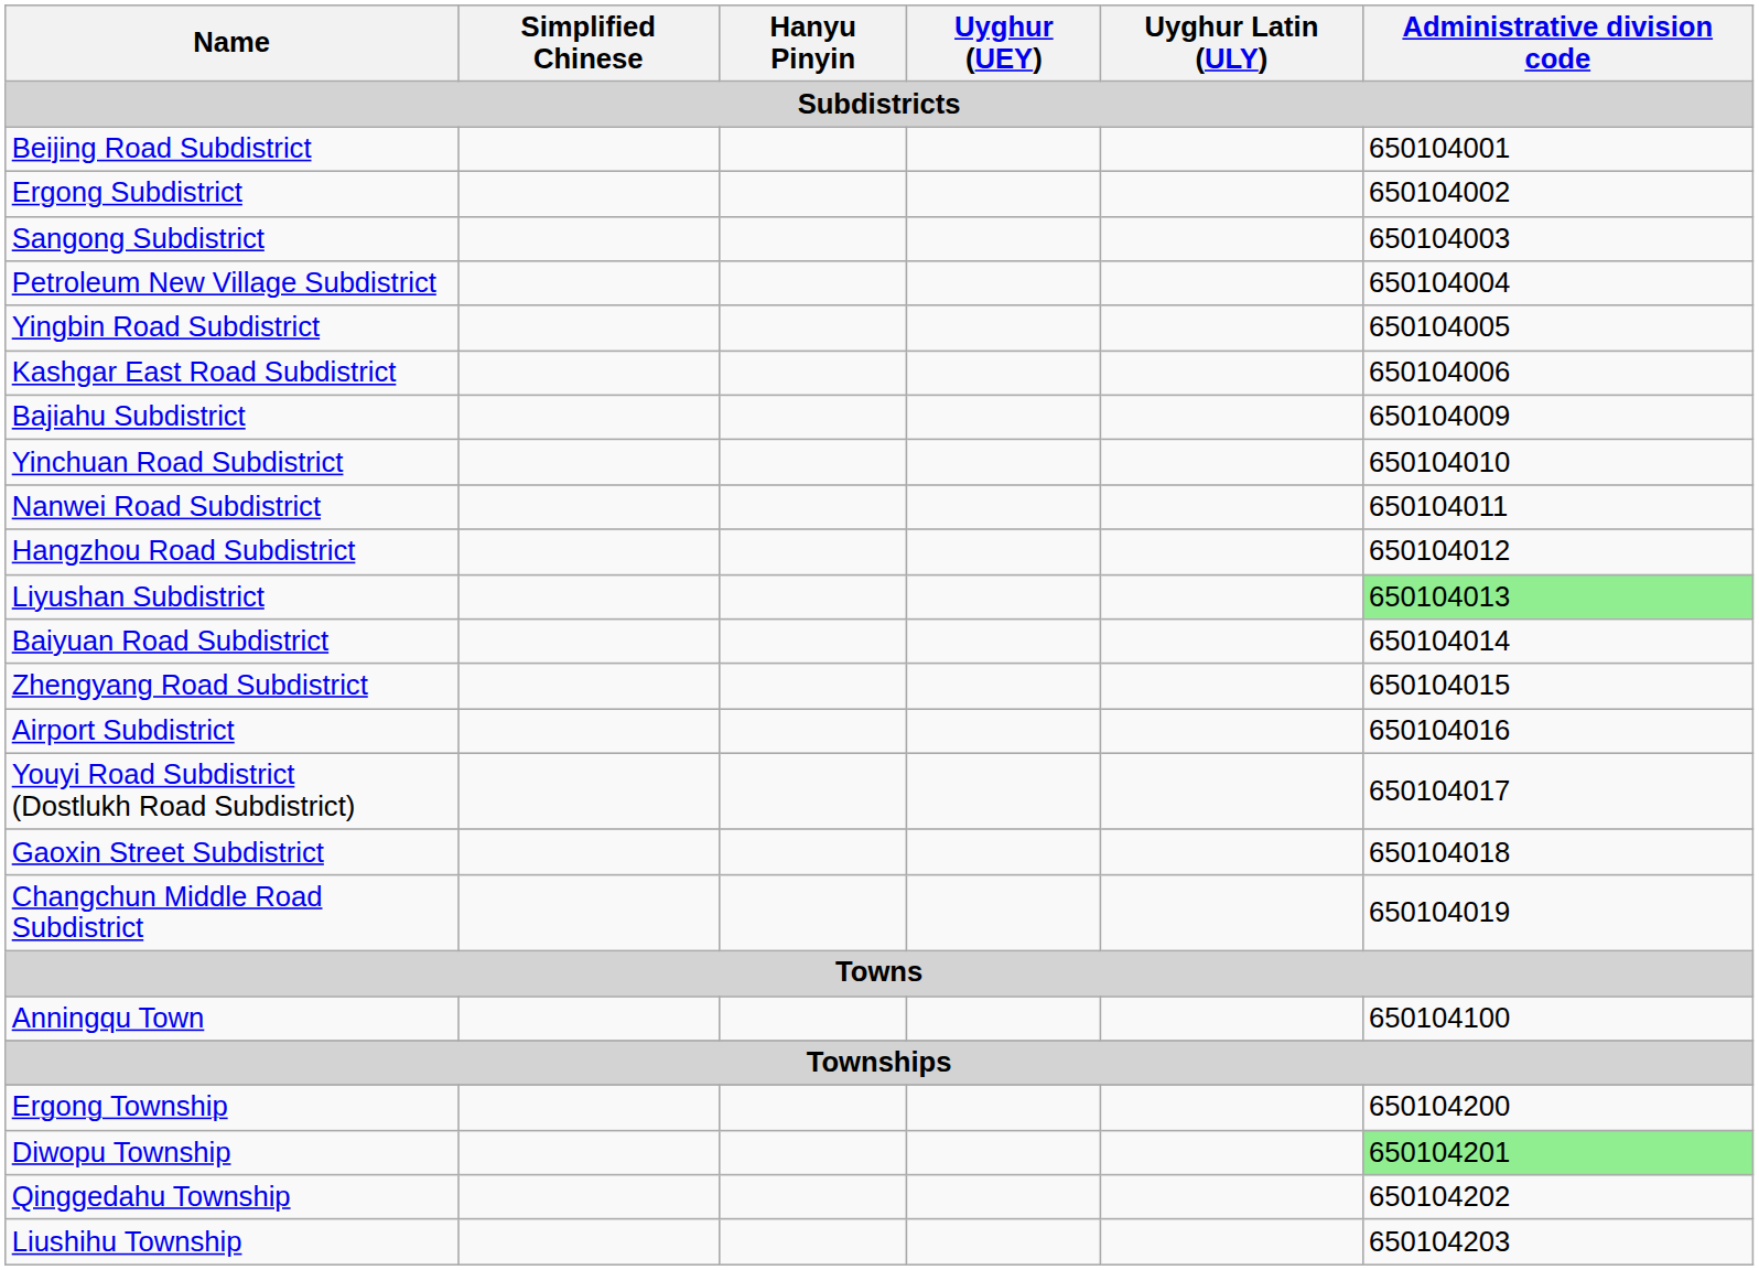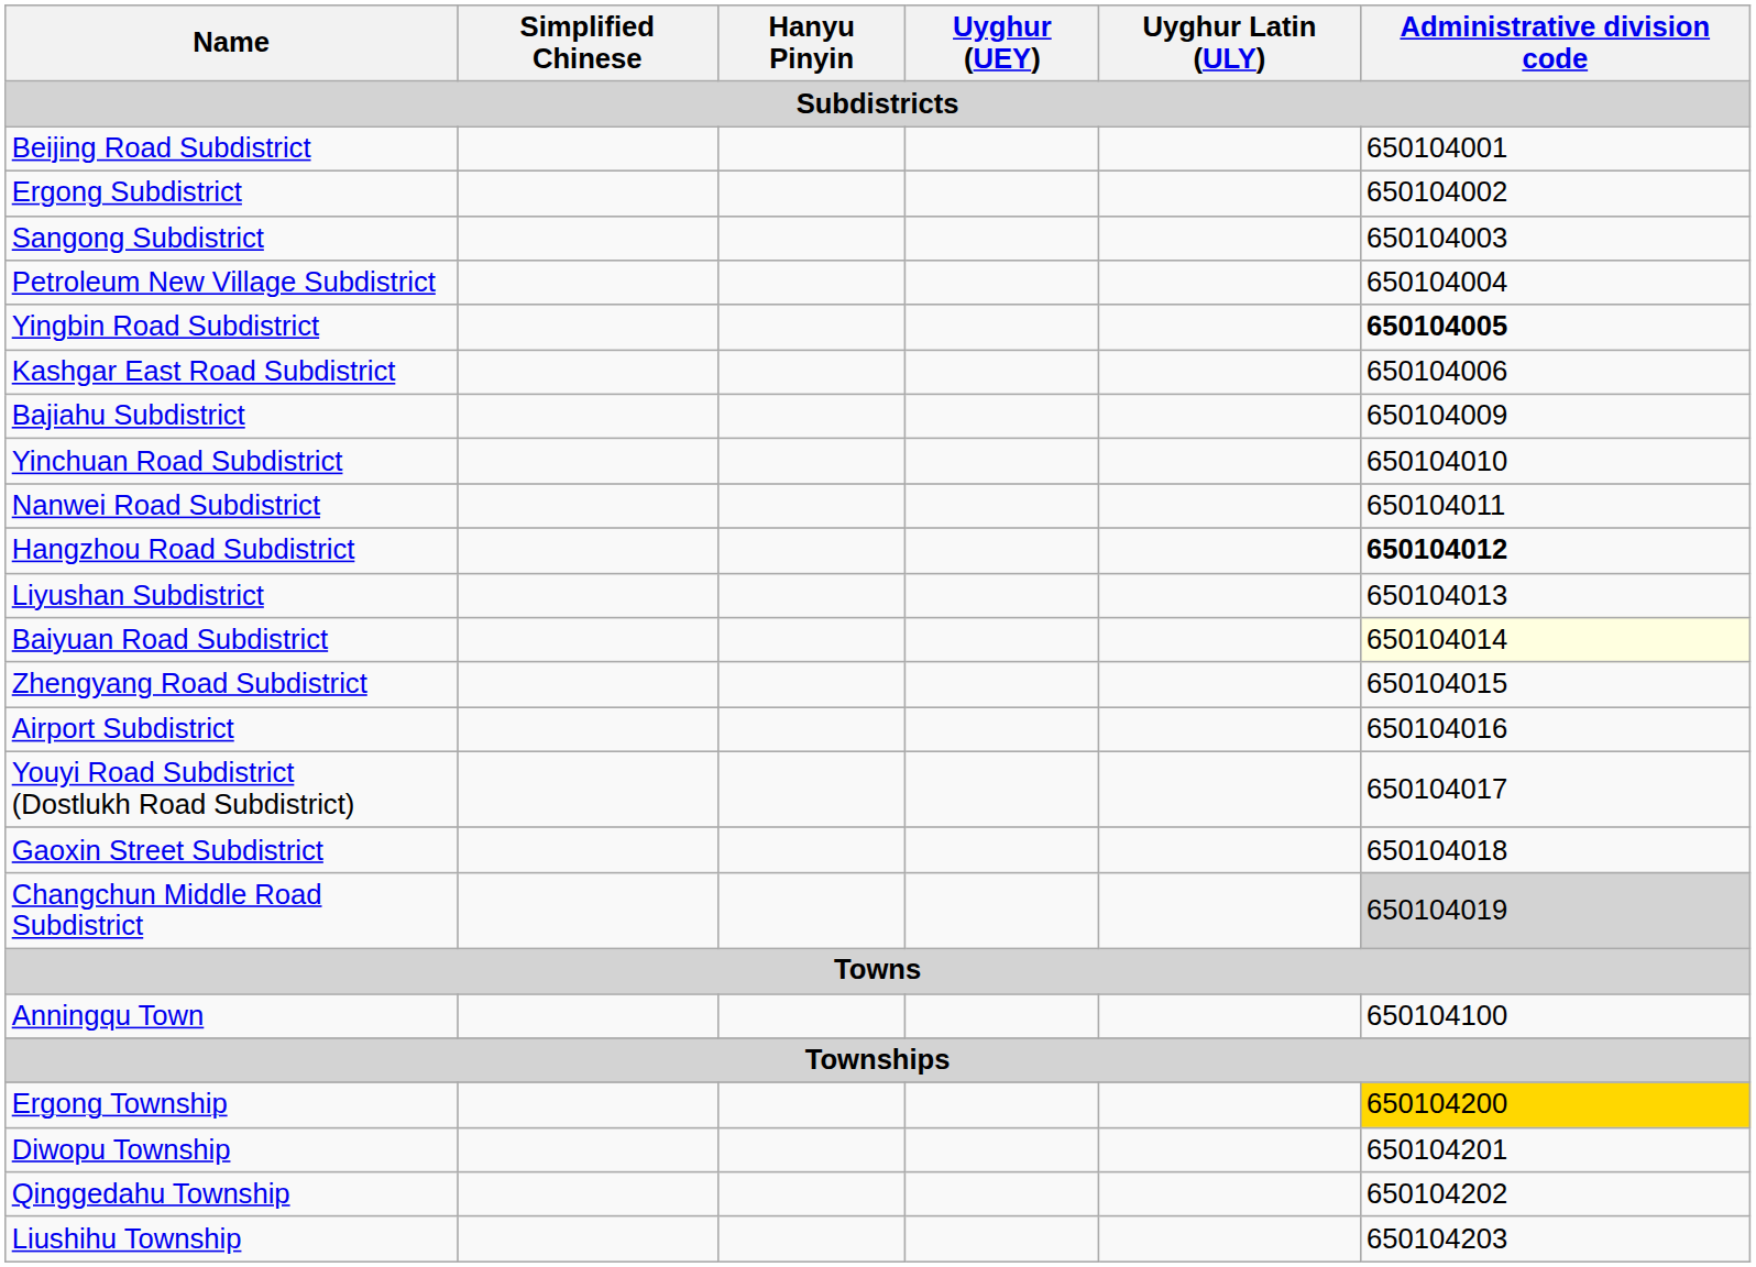 <table class="wikitable" align="center" style="width:50%; border="1">
 <tr>
 <th>Name</th>
 <th>Simplified Chinese</th>
 <th>Hanyu Pinyin</th>
 <th><a href='#'>Uyghur</a> (<a href='#'>UEY</a>)</th>
 <th>Uyghur Latin (<a href='#'>ULY</a>)</th>
 <th><a href='#'>Administrative division code</a></th>
 </tr>
 <tr>
 <td colspan="7"  style="text-align:center; background:#d3d3d3;"><strong>Subdistricts</strong></td>
 </tr>
 <tr --------->
 <td><a href='#'>Beijing Road Subdistrict</a></td>
 <td></td>
 <td></td>
 <td></td>
 <td></td>
 <td>650104001</td>
 </tr>
 <tr>
 <td><a href='#'>Ergong Subdistrict</a></td>
 <td></td>
 <td></td>
 <td></td>
 <td></td>
 <td>650104002</td>
 </tr>
 <tr>
 <td><a href='#'>Sangong Subdistrict</a></td>
 <td></td>
 <td></td>
 <td></td>
 <td></td>
 <td>650104003</td>
 </tr>
 <tr>
 <td><a href='#'>Petroleum New Village Subdistrict</a></td>
 <td></td>
 <td></td>
 <td></td>
 <td></td>
 <td>650104004</td>
 </tr>
 <tr>
 <td><a href='#'>Yingbin Road Subdistrict</a></td>
 <td></td>
 <td></td>
 <td></td>
 <td></td>
-<td>650104005</td>
+<td><strong>650104005</strong></td>
 </tr>
 <tr>
 <td><a href='#'>Kashgar East Road Subdistrict</a></td>
 <td></td>
 <td></td>
 <td></td>
 <td></td>
 <td>650104006</td>
 </tr>
 <tr>
 <td><a href='#'>Bajiahu Subdistrict</a></td>
 <td></td>
 <td></td>
 <td></td>
 <td></td>
 <td>650104009</td>
 </tr>
 <tr>
 <td><a href='#'>Yinchuan Road Subdistrict</a></td>
 <td></td>
 <td></td>
 <td></td>
 <td></td>
 <td>650104010</td>
 </tr>
 <tr>
 <td><a href='#'>Nanwei Road Subdistrict</a></td>
 <td></td>
 <td></td>
 <td></td>
 <td></td>
 <td>650104011</td>
 </tr>
 <tr>
 <td><a href='#'>Hangzhou Road Subdistrict</a></td>
 <td></td>
 <td></td>
 <td></td>
 <td></td>
-<td>650104012</td>
+<td><strong>650104012</strong></td>
 </tr>
 <tr>
 <td><a href='#'>Liyushan Subdistrict</a></td>
 <td></td>
 <td></td>
 <td></td>
 <td></td>
-<td style="background: lightgreen;">650104013</td>
+<td>650104013</td>
 </tr>
 <tr>
 <td><a href='#'>Baiyuan Road Subdistrict</a></td>
 <td></td>
 <td></td>
 <td></td>
 <td></td>
-<td>650104014</td>
+<td style="background: lightyellow;">650104014</td>
 </tr>
 <tr>
 <td><a href='#'>Zhengyang Road Subdistrict</a></td>
 <td></td>
 <td></td>
 <td></td>
 <td></td>
 <td>650104015</td>
 </tr>
 <tr>
 <td><a href='#'>Airport Subdistrict</a></td>
 <td></td>
 <td></td>
 <td></td>
 <td></td>
 <td>650104016</td>
 </tr>
 <tr>
 <td><a href='#'>Youyi Road Subdistrict</a><br>(Dostlukh Road Subdistrict)</td>
 <td></td>
 <td></td>
 <td></td>
 <td></td>
 <td>650104017</td>
 </tr>
 <tr>
 <td><a href='#'>Gaoxin Street Subdistrict</a></td>
 <td></td>
 <td></td>
 <td></td>
 <td></td>
 <td>650104018</td>
 </tr>
 <tr>
 <td><a href='#'>Changchun Middle Road Subdistrict</a></td>
 <td></td>
 <td></td>
 <td></td>
 <td></td>
-<td>650104019</td>
+<td style="background: lightgrey;">650104019</td>
 </tr>
 <tr --------->
 <td colspan="7"  style="text-align:center; background:#d3d3d3;"><strong>Towns</strong></td>
 </tr>
 <tr --------->
 <td><a href='#'>Anningqu Town</a></td>
 <td></td>
 <td></td>
 <td></td>
 <td></td>
 <td>650104100</td>
 </tr>
 <tr --------->
 <td colspan="7"  style="text-align:center; background:#d3d3d3;"><strong>Townships</strong></td>
 </tr>
 <tr --------->
 <td><a href='#'>Ergong Township</a></td>
 <td></td>
 <td></td>
 <td></td>
 <td></td>
-<td>650104200</td>
+<td style="background: gold;">650104200</td>
 </tr>
 <tr>
 <td><a href='#'>Diwopu Township</a></td>
 <td></td>
 <td></td>
 <td></td>
 <td></td>
-<td style="background: lightgreen;">650104201</td>
+<td>650104201</td>
 </tr>
 <tr>
 <td><a href='#'>Qinggedahu Township</a></td>
 <td></td>
 <td></td>
 <td></td>
 <td></td>
 <td>650104202</td>
 </tr>
 <tr>
 <td><a href='#'>Liushihu Township</a></td>
 <td></td>
 <td></td>
 <td></td>
 <td></td>
 <td>650104203</td>
 </tr>
 </table>
